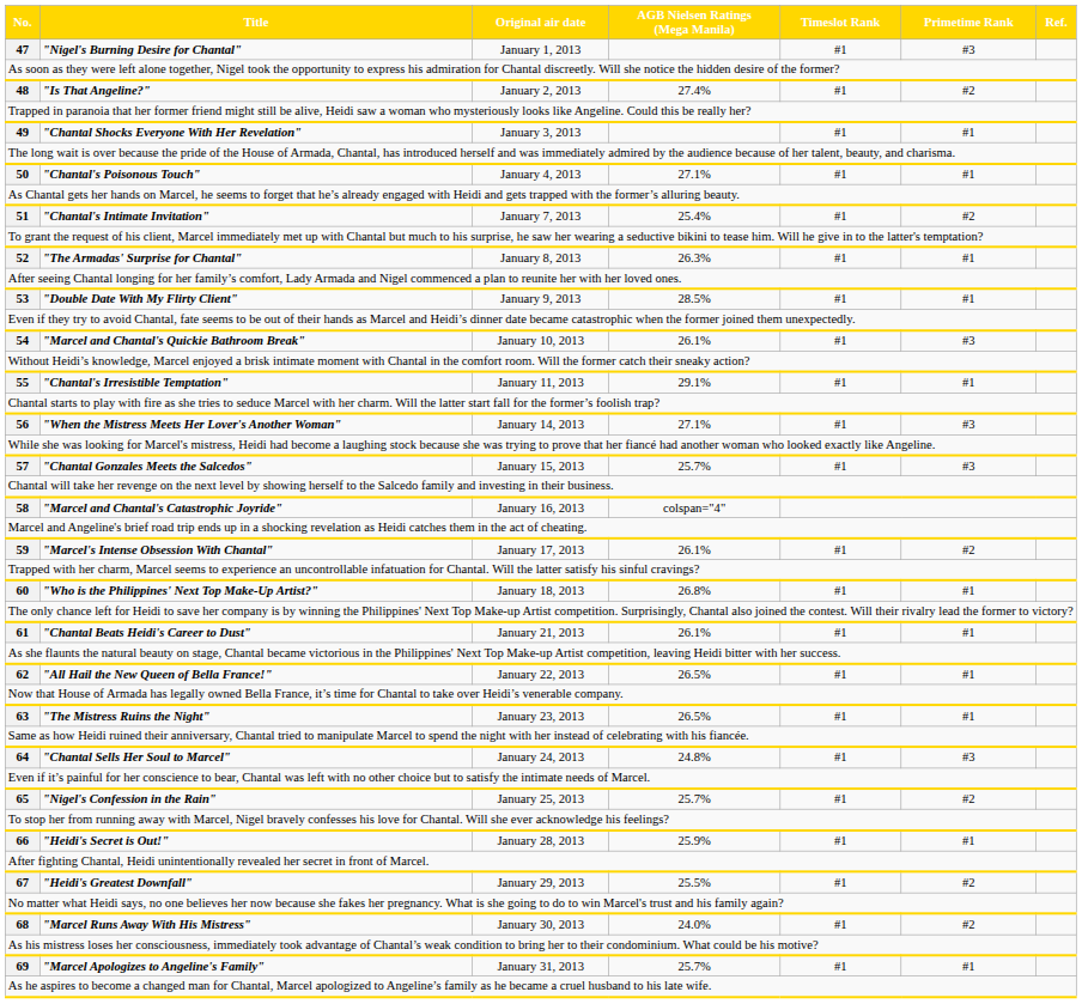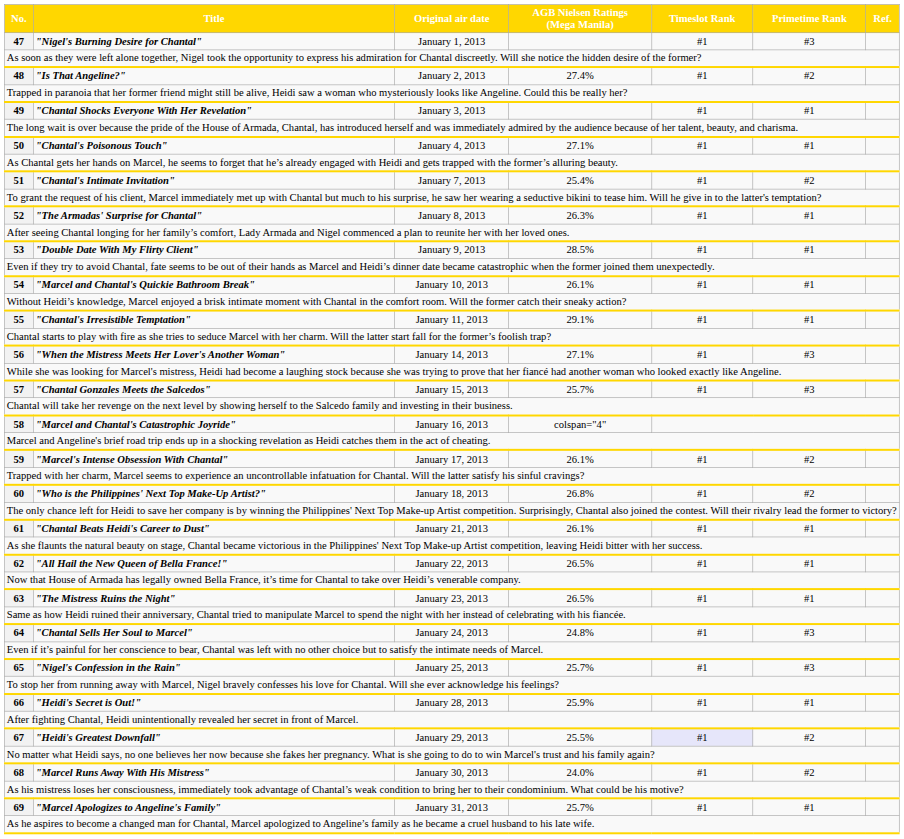 <table class="wikitable" style="text-align:center">
 <tr>
 <th style="background:#FFD700; color:#ffffff">No.</th>
 <th style="background:#FFD700; color:#ffffff">Title</th>
 <th style="background:#FFD700; color:#ffffff">Original air date</th>
 <th style="background:#FFD700; color:#ffffff">AGB Nielsen Ratings<br>(Mega Manila)</th>
 <th style="background:#FFD700; color:#ffffff">Timeslot Rank</th>
 <th style="background:#FFD700; color:#ffffff">Primetime Rank</th>
 <th style="background:#FFD700; color:#ffffff">Ref.</th>
 </tr>
 <tr>
 <th>47</th>
 <td align="left"><strong><em>"Nigel's Burning Desire for Chantal"</em></strong></td>
 <td>January 1, 2013</td>
 <td></td>
 <td>#1</td>
 <td>#3</td>
 <td></td>
 </tr>
 <tr>
 <td colspan = "7" style="text-align: left; border-bottom: 3px solid #FFD700;">As soon as they were left alone together, Nigel took the opportunity to express his admiration for Chantal discreetly. Will she notice the hidden desire of the former?</td>
 </tr>
 <tr>
 <th>48</th>
 <td align="left"><strong><em>"Is That Angeline?"</em></strong></td>
 <td>January 2, 2013</td>
 <td>27.4%</td>
 <td>#1</td>
 <td>#2</td>
 <td></td>
 </tr>
 <tr>
 <td colspan = "7" style="text-align: left; border-bottom: 3px solid #FFD700;">Trapped in paranoia that her former friend might still be alive, Heidi saw a woman who mysteriously looks like Angeline. Could this be really her?</td>
 </tr>
 <tr>
 <th>49</th>
 <td align="left"><strong><em>"Chantal Shocks Everyone With Her Revelation"</em></strong></td>
 <td>January 3, 2013</td>
 <td></td>
 <td>#1</td>
 <td>#1</td>
 <td></td>
 </tr>
 <tr>
 <td colspan = "7" style="text-align: left; border-bottom: 3px solid #FFD700;">The long wait is over because the pride of the House of Armada, Chantal, has introduced herself and was immediately admired by the audience because of her talent, beauty, and charisma.</td>
 </tr>
 <tr>
 <th>50</th>
 <td align="left"><strong><em>"Chantal's Poisonous Touch"</em></strong></td>
 <td>January 4, 2013</td>
 <td>27.1%</td>
 <td>#1</td>
 <td>#1</td>
 <td></td>
 </tr>
 <tr>
 <td colspan = "7" style="text-align: left; border-bottom: 3px solid #FFD700;">As Chantal gets her hands on Marcel, he seems to forget that he’s already engaged with Heidi and gets trapped with the former’s alluring beauty.</td>
 </tr>
 <tr>
 <th>51</th>
 <td align="left"><strong><em>"Chantal's Intimate Invitation"</em></strong></td>
 <td>January 7, 2013</td>
 <td>25.4%</td>
 <td>#1</td>
 <td>#2</td>
 <td></td>
 </tr>
 <tr>
 <td colspan = "7" style="text-align: left; border-bottom: 3px solid #FFD700;">To grant the request of his client, Marcel immediately met up with Chantal but much to his surprise, he saw her wearing a seductive bikini to tease him. Will he give in to the latter's temptation?</td>
 </tr>
 <tr>
 <th>52</th>
 <td align="left"><strong><em>"The Armadas' Surprise for Chantal"</em></strong></td>
 <td>January 8, 2013</td>
 <td>26.3%</td>
 <td>#1</td>
 <td>#1</td>
 <td></td>
 </tr>
 <tr>
 <td colspan = "7" style="text-align: left; border-bottom: 3px solid #FFD700;">After seeing Chantal longing for her family’s comfort, Lady Armada and Nigel commenced a plan to reunite her with her loved ones.</td>
 </tr>
 <tr>
 <th>53</th>
 <td align="left"><strong><em>"Double Date With My Flirty Client"</em></strong></td>
 <td>January 9, 2013</td>
 <td>28.5%</td>
 <td>#1</td>
 <td>#1</td>
 <td></td>
 </tr>
 <tr>
 <td colspan = "7" style="text-align: left; border-bottom: 3px solid #FFD700;">Even if they try to avoid Chantal, fate seems to be out of their hands as Marcel and Heidi’s dinner date became catastrophic when the former joined them unexpectedly.</td>
 </tr>
 <tr>
 <th>54</th>
 <td align="left"><strong><em>"Marcel and Chantal's Quickie Bathroom Break"</em></strong></td>
 <td>January 10, 2013</td>
 <td>26.1%</td>
 <td>#1</td>
-<td>#3</td>
+<td>#1</td>
 <td></td>
 </tr>
 <tr>
 <td colspan = "7" style="text-align: left; border-bottom: 3px solid #FFD700;">Without Heidi’s knowledge, Marcel enjoyed a brisk intimate moment with Chantal in the comfort room. Will the former catch their sneaky action?</td>
 </tr>
 <tr>
 <th>55</th>
 <td align="left"><strong><em>"Chantal's Irresistible Temptation"</em></strong></td>
 <td>January 11, 2013</td>
 <td>29.1%</td>
 <td>#1</td>
 <td>#1</td>
 <td></td>
 </tr>
 <tr>
 <td colspan = "7" style="text-align: left; border-bottom: 3px solid #FFD700;">Chantal starts to play with fire as she tries to seduce Marcel with her charm. Will the latter start fall for the former’s foolish trap?</td>
 </tr>
 <tr>
 <th>56</th>
 <td align="left"><strong><em>"When the Mistress Meets Her Lover's Another Woman"</em></strong></td>
 <td>January 14, 2013</td>
 <td>27.1%</td>
 <td>#1</td>
 <td>#3</td>
 <td></td>
 </tr>
 <tr>
 <td colspan = "7" style="text-align: left; border-bottom: 3px solid #FFD700;">While she was looking for Marcel's mistress, Heidi had become a laughing stock because she was trying to prove that her fiancé had another woman who looked exactly like Angeline.</td>
 </tr>
 <tr>
 <th>57</th>
 <td align="left"><strong><em>"Chantal Gonzales Meets the Salcedos"</em></strong></td>
 <td>January 15, 2013</td>
 <td>25.7%</td>
 <td>#1</td>
 <td>#3</td>
 <td></td>
 </tr>
 <tr>
 <td colspan = "7" style="text-align: left; border-bottom: 3px solid #FFD700;">Chantal  will take her revenge on the next level by showing herself to the Salcedo family and investing in their business.</td>
 </tr>
 <tr>
 <th>58</th>
 <td align="left"><strong><em>"Marcel and Chantal's Catastrophic Joyride"</em></strong></td>
 <td>January 16, 2013</td>
 <td>colspan="4" </td>
 </tr>
 <tr>
 <td colspan = "7" style="text-align: left; border-bottom: 3px solid #FFD700;">Marcel and Angeline's brief road trip ends up in a shocking revelation as Heidi catches them in the act of cheating.</td>
 </tr>
 <tr>
 <th>59</th>
 <td align="left"><strong><em>"Marcel's Intense Obsession With Chantal"</em></strong></td>
 <td>January 17, 2013</td>
 <td>26.1%</td>
 <td>#1</td>
 <td>#2</td>
 <td></td>
 </tr>
 <tr>
 <td colspan = "7" style="text-align: left; border-bottom: 3px solid #FFD700;">Trapped with her charm, Marcel seems to experience an uncontrollable infatuation for Chantal. Will the latter satisfy his sinful cravings?</td>
 </tr>
 <tr>
 <th>60</th>
 <td align="left"><strong><em>"Who is the Philippines' Next Top Make-Up Artist?"</em></strong></td>
 <td>January 18, 2013</td>
 <td>26.8%</td>
 <td>#1</td>
-<td>#1</td>
+<td>#2</td>
 <td></td>
 </tr>
 <tr>
 <td colspan = "7" style="text-align: left; border-bottom: 3px solid #FFD700;">The only chance left for Heidi to save her company is by winning the Philippines' Next Top Make-up Artist competition. Surprisingly, Chantal also joined the contest. Will their rivalry lead the former to victory?</td>
 </tr>
 <tr>
 <th>61</th>
 <td align="left"><strong><em>"Chantal Beats Heidi's Career to Dust"</em></strong></td>
 <td>January 21, 2013</td>
 <td>26.1%</td>
 <td>#1</td>
 <td>#1</td>
 <td></td>
 </tr>
 <tr>
 <td colspan = "7" style="text-align: left; border-bottom: 3px solid #FFD700;">As she flaunts the natural beauty on stage, Chantal became victorious in the Philippines' Next Top Make-up Artist competition, leaving Heidi bitter with her success.</td>
 </tr>
 <tr>
 <th>62</th>
 <td align="left"><strong><em>"All Hail the New Queen of Bella France!"</em></strong></td>
 <td>January 22, 2013</td>
 <td>26.5%</td>
 <td>#1</td>
 <td>#1</td>
 <td></td>
 </tr>
 <tr>
 <td colspan = "7" style="text-align: left; border-bottom: 3px solid #FFD700;">Now that House of Armada has legally owned Bella France, it’s time for Chantal to take over Heidi’s venerable company.</td>
 </tr>
 <tr>
 <th>63</th>
 <td align="left"><strong><em>"The Mistress Ruins the Night"</em></strong></td>
 <td>January 23, 2013</td>
 <td>26.5%</td>
 <td>#1</td>
 <td>#1</td>
 <td></td>
 </tr>
 <tr>
 <td colspan = "7" style="text-align: left; border-bottom: 3px solid #FFD700;">Same as how Heidi ruined their anniversary, Chantal tried to manipulate Marcel to spend the night with her instead of celebrating with his fiancée.</td>
 </tr>
 <tr>
 <th>64</th>
 <td align="left"><strong><em>"Chantal Sells Her Soul to Marcel"</em></strong></td>
 <td>January 24, 2013</td>
 <td>24.8%</td>
 <td>#1</td>
 <td>#3</td>
 <td></td>
 </tr>
 <tr>
 <td colspan = "7" style="text-align: left; border-bottom: 3px solid #FFD700;">Even if it’s painful for her conscience to bear, Chantal was left with no other choice but to satisfy the intimate needs of Marcel.</td>
 </tr>
 <tr>
 <th>65</th>
 <td align="left"><strong><em>"Nigel's Confession in the Rain"</em></strong></td>
 <td>January 25, 2013</td>
 <td>25.7%</td>
 <td>#1</td>
-<td>#2</td>
+<td>#3</td>
 <td></td>
 </tr>
 <tr>
 <td colspan = "7" style="text-align: left; border-bottom: 3px solid #FFD700;">To stop her from running away with Marcel, Nigel bravely confesses his love for Chantal. Will she ever acknowledge his feelings?</td>
 </tr>
 <tr>
 <th>66</th>
 <td align="left"><strong><em>"Heidi's Secret is Out!"</em></strong></td>
 <td>January 28, 2013</td>
 <td>25.9%</td>
 <td>#1</td>
 <td>#1</td>
 <td></td>
 </tr>
 <tr>
 <td colspan = "7" style="text-align: left; border-bottom: 3px solid #FFD700;">After fighting Chantal, Heidi unintentionally revealed her secret in front of Marcel.</td>
 </tr>
 <tr>
 <th>67</th>
 <td align="left"><strong><em>"Heidi's Greatest Downfall"</em></strong></td>
 <td>January 29, 2013</td>
 <td>25.5%</td>
-<td>#1</td>
+<td style="background: lavender;">#1</td>
 <td>#2</td>
 <td></td>
 </tr>
 <tr>
 <td colspan = "7" style="text-align: left; border-bottom: 3px solid #FFD700;">No matter what Heidi says, no one believes her now because she fakes her pregnancy. What is she going to do to win Marcel's trust and his family again?</td>
 </tr>
 <tr>
 <th>68</th>
 <td align="left"><strong><em>"Marcel Runs Away With His Mistress"</em></strong></td>
 <td>January 30, 2013</td>
 <td>24.0%</td>
 <td>#1</td>
 <td>#2</td>
 <td></td>
 </tr>
 <tr>
 <td colspan = "7" style="text-align: left; border-bottom: 3px solid #FFD700;">As his mistress loses her consciousness, immediately took advantage of Chantal’s weak condition to bring her to their condominium. What could be his motive?</td>
 </tr>
 <tr>
 <th>69</th>
 <td align="left"><strong><em>"Marcel Apologizes to Angeline's Family"</em></strong></td>
 <td>January 31, 2013</td>
 <td>25.7%</td>
 <td>#1</td>
 <td>#1</td>
 <td></td>
 </tr>
 <tr>
 <td colspan = "7" style="text-align: left; border-bottom: 3px solid #FFD700;">As he aspires to become a changed man for Chantal, Marcel apologized to Angeline’s family as he became a cruel husband to his late wife.</td>
 </tr>
 </table>
